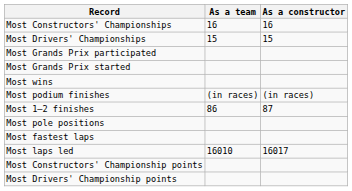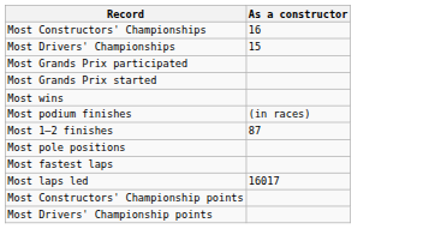 <table class="wikitable">
 <tr>
 <th>Record</th>
-<th>As a team</th>
 <th>As a constructor</th>
 </tr>
 <tr>
 <td>Most Constructors' Championships</td>
 <td>16</td>
-<td>16</td>
 </tr>
 <tr>
 <td>Most Drivers' Championships</td>
-<td>15</td>
 <td>15</td>
 </tr>
 <tr>
 <td>Most Grands Prix participated</td>
 <td></td>
-<td></td>
 </tr>
 <tr>
 <td>Most Grands Prix started</td>
-<td></td>
 <td></td>
 </tr>
 <tr>
 <td>Most wins</td>
 <td></td>
-<td></td>
 </tr>
 <tr>
 <td>Most podium finishes</td>
 <td> (in  races)</td>
-<td> (in  races)</td>
 </tr>
 <tr>
 <td>Most 1–2 finishes</td>
-<td>86</td>
 <td>87</td>
 </tr>
 <tr>
 <td>Most pole positions</td>
 <td></td>
-<td></td>
 </tr>
 <tr>
 <td>Most fastest laps</td>
 <td></td>
-<td></td>
 </tr>
 <tr>
 <td>Most laps led</td>
-<td>16010</td>
 <td>16017</td>
 </tr>
 <tr>
 <td>Most Constructors' Championship points</td>
 <td></td>
-<td></td>
 </tr>
 <tr>
 <td>Most Drivers' Championship points</td>
 <td></td>
-<td></td>
 </tr>
 </table>
